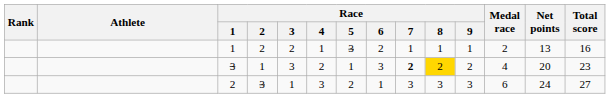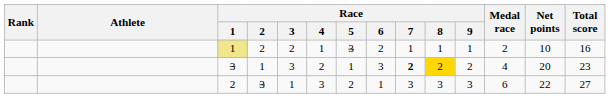 <table | class="wikitable Sortable" style="text-align:center">
 <tr>
 <th rowspan="2" width=40>Rank</th>
 <th rowspan="2" width=250>Athlete</th>
 <th colspan="9">Race</th>
 <th rowspan="2" width=50>Medal race</th>
 <th rowspan="2" width=50>Net points</th>
 <th rowspan="2" width=50>Total score</th>
 </tr>
 <tr>
 <th width=35>1</th>
 <th width=35>2</th>
 <th width=35>3</th>
 <th width=35>4</th>
 <th width=35>5</th>
 <th width=35>6</th>
 <th width=35>7</th>
 <th width=35>8</th>
 <th width=35>9</th>
 </tr>
 <tr>
 <td></td>
 <td align=left></td>
-<td>1</td>
+<td style="background: khaki;">1</td>
 <td>2</td>
 <td>2</td>
 <td>1</td>
 <td><s>3</s></td>
 <td>2</td>
 <td>1</td>
 <td>1</td>
 <td>1</td>
 <td>2</td>
-<td>13</td>
+<td>10</td>
 <td>16</td>
 </tr>
 <tr>
 <td></td>
 <td align=left></td>
 <td><s>3</s></td>
 <td>1</td>
 <td>3</td>
 <td>2</td>
 <td>1</td>
 <td>3</td>
 <td><strong>2</strong></td>
 <td style="background: gold;">2</td>
 <td>2</td>
 <td>4</td>
 <td>20</td>
 <td>23</td>
 </tr>
 <tr>
 <td></td>
 <td align=left></td>
 <td>2</td>
 <td><s>3</s></td>
 <td>1</td>
 <td>3</td>
 <td>2</td>
 <td>1</td>
 <td>3</td>
 <td>3</td>
 <td>3</td>
 <td>6</td>
-<td>24</td>
+<td>22</td>
 <td>27</td>
 </tr>
 </table>
